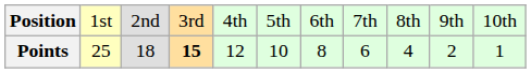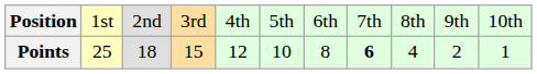 <table class="wikitable" style="font-size:85%; text-align:center">
 <tr>
 <th>Position</th>
 <td style="background:#FFFFBF;"> 1st </td>
 <td style="background:#DFDFDF;"> 2nd </td>
 <td style="background:#FFDF9F;"> 3rd </td>
 <td style="background:#DFFFDF;"> 4th </td>
 <td style="background:#DFFFDF;"> 5th </td>
 <td style="background:#DFFFDF;"> 6th </td>
 <td style="background:#DFFFDF;"> 7th </td>
 <td style="background:#DFFFDF;"> 8th </td>
 <td style="background:#DFFFDF;"> 9th </td>
 <td style="background:#DFFFDF;"> 10th </td>
 </tr>
 <tr>
 <th>Points</th>
 <td style="background:#FFFFBF;">25</td>
 <td style="background:#DFDFDF;">18</td>
-<td style="background:#FFDF9F;"><strong>15</strong></td>
+<td style="background:#FFDF9F;">15</td>
 <td style="background:#DFFFDF;">12</td>
 <td style="background:#DFFFDF;">10</td>
 <td style="background:#DFFFDF;">8</td>
-<td style="background:#DFFFDF;">6</td>
+<td style="background:#DFFFDF;"><strong>6</strong></td>
 <td style="background:#DFFFDF;">4</td>
 <td style="background:#DFFFDF;">2</td>
 <td style="background:#DFFFDF;">1</td>
 </tr>
 </table>
